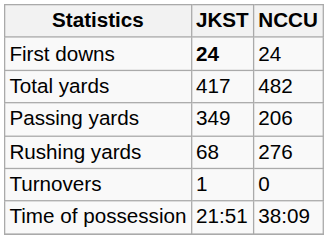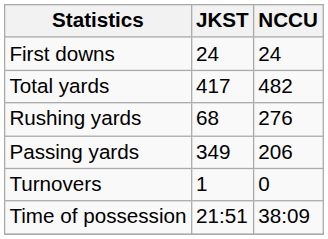 <table class="wikitable">
 <tr>
 <th>Statistics</th>
 <th>JKST</th>
 <th>NCCU</th>
 </tr>
 <tr>
 <td>First downs</td>
-<td><strong>24</strong></td>
+<td>24</td>
 <td>24</td>
 </tr>
 <tr>
 <td>Total yards</td>
 <td>417</td>
 <td>482</td>
 </tr>
 <tr>
+<td>Rushing yards</td>
+<td>68</td>
+<td>276</td>
+</tr>
+<tr>
 <td>Passing yards</td>
 <td>349</td>
 <td>206</td>
-</tr>
-<tr>
-<td>Rushing yards</td>
-<td>68</td>
-<td>276</td>
 </tr>
 <tr>
 <td>Turnovers</td>
 <td>1</td>
 <td>0</td>
 </tr>
 <tr>
 <td>Time of possession</td>
 <td>21:51</td>
 <td>38:09</td>
 </tr>
 <tr>
 </tr>
 </table>
